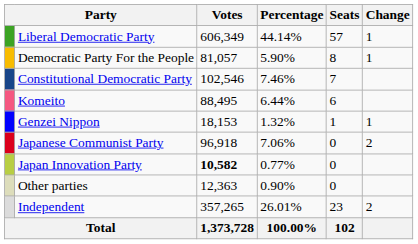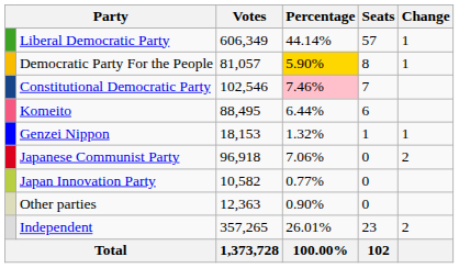 <table class="wikitable">
 <tr>
 <th colspan="2">Party</th>
 <th>Votes</th>
 <th>Percentage</th>
 <th>Seats</th>
 <th>Change</th>
 </tr>
 <tr>
 <td style="background:#3CA324;" width="5"></td>
 <td><a href='#'>Liberal Democratic Party</a></td>
 <td>606,349</td>
 <td>44.14%</td>
 <td>57</td>
 <td>1</td>
 </tr>
 <tr>
 <td style="background:#F8BC00;" width="5"></td>
 <td>Democratic Party For the People</td>
 <td>81,057</td>
-<td>5.90%</td>
+<td style="background: gold;">5.90%</td>
 <td>8</td>
 <td>1</td>
 </tr>
 <tr>
 <td style="background:#184589;" width="5"></td>
 <td><a href='#'>Constitutional Democratic Party</a></td>
 <td>102,546</td>
-<td>7.46%</td>
+<td style="background: pink;">7.46%</td>
 <td>7</td>
 <td></td>
 </tr>
 <tr>
 <td style="background:#F55881;" width="5"></td>
 <td><a href='#'>Komeito</a></td>
 <td>88,495</td>
 <td>6.44%</td>
 <td>6</td>
 <td></td>
 </tr>
 <tr>
 <td style="background:#0000FF;" width="5"></td>
 <td><a href='#'>Genzei Nippon</a></td>
 <td>18,153</td>
 <td>1.32%</td>
 <td>1</td>
 <td>1</td>
 </tr>
 <tr>
 <td style="background:#DB001C;" width="5"></td>
 <td><a href='#'>Japanese Communist Party</a></td>
 <td>96,918</td>
 <td>7.06%</td>
 <td>0</td>
 <td>2</td>
 </tr>
 <tr>
 <td style="background:#B8CE43;" width="5"></td>
 <td><a href='#'>Japan Innovation Party</a></td>
-<td><strong>10,582</strong></td>
+<td>10,582</td>
 <td>0.77%</td>
 <td>0</td>
 <td></td>
 </tr>
 <tr>
 <td style="background:#DDDDBB;" width="5"></td>
 <td>Other parties</td>
 <td>12,363</td>
 <td>0.90%</td>
 <td>0</td>
 <td></td>
 </tr>
 <tr>
 <td style="background:#DCDCDC;" width="5"></td>
 <td><a href='#'>Independent</a></td>
 <td>357,265</td>
 <td>26.01%</td>
 <td>23</td>
 <td>2</td>
 </tr>
 <tr>
 <th colspan="2">Total</th>
 <th>1,373,728</th>
 <th>100.00%</th>
 <th>102</th>
 <th></th>
 </tr>
 </table>
